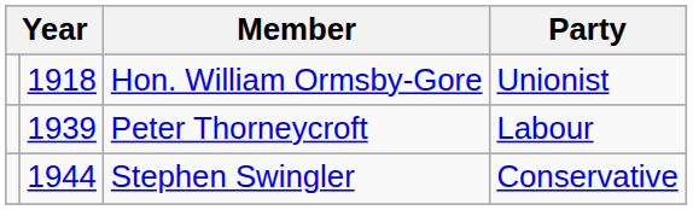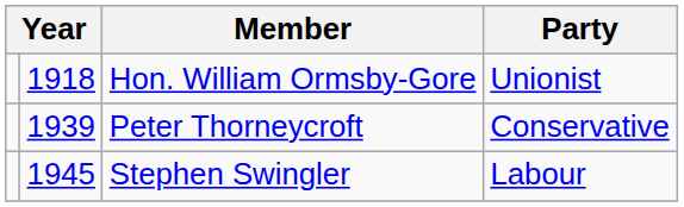 <table class="wikitable">
 <tr>
 <th colspan="2">Year</th>
 <th>Member</th>
 <th>Party</th>
 </tr>
 <tr>
 <td style="color:inherit;background-color: "></td>
 <td><a href='#'>1918</a></td>
 <td><a href='#'>Hon. William Ormsby-Gore</a></td>
 <td><a href='#'>Unionist</a></td>
 </tr>
 <tr>
 <td style="color:inherit;background-color: "></td>
 <td><a href='#'>1939</a></td>
 <td><a href='#'>Peter Thorneycroft</a></td>
-<td><a href='#'>Labour</a></td>
+<td><a href='#'>Conservative</a></td>
 </tr>
 <tr>
 <td style="color:inherit;background-color: "></td>
-<td><a href='#'>1944</a></td>
+<td><a href='#'>1945</a></td>
 <td><a href='#'>Stephen Swingler</a></td>
-<td><a href='#'>Conservative</a></td>
+<td><a href='#'>Labour</a></td>
 </tr>
 </table>
